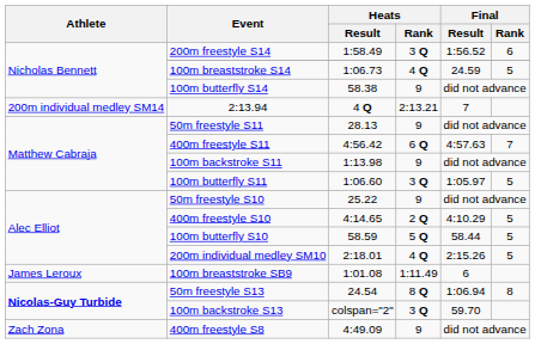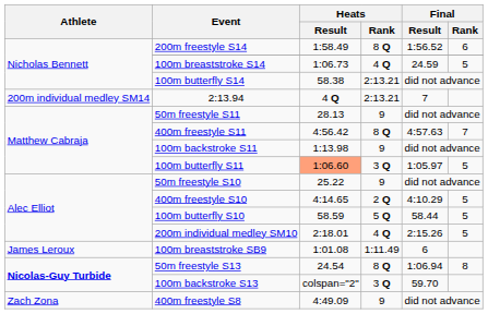 <table class=wikitable style="font-size:90%">
 <tr>
 <th rowspan="2">Athlete</th>
 <th rowspan="2">Event</th>
 <th colspan="2">Heats</th>
 <th colspan="2">Final</th>
 </tr>
 <tr>
 <th>Result</th>
 <th>Rank</th>
 <th>Result</th>
 <th>Rank</th>
 </tr>
 <tr align=center>
 <td rowspan=4 align=left><a href='#'>Nicholas Bennett</a></td>
 <td align=left><a href='#'>200m freestyle S14</a></td>
 <td>1:58.49</td>
-<td>3 <strong>Q</strong></td>
+<td>8 <strong>Q</strong></td>
 <td>1:56.52</td>
 <td>6</td>
 </tr>
 <tr align=center>
 </tr>
 <tr align=center>
 <td align=left><a href='#'>100m breaststroke S14</a></td>
 <td>1:06.73</td>
 <td>4 <strong>Q</strong></td>
 <td>24.59</td>
 <td>5</td>
 </tr>
 <tr align=center>
 <td align=left><a href='#'>100m butterfly S14</a></td>
 <td>58.38</td>
-<td>9</td>
+<td>2:13.21</td>
 <td colspan="2">did not advance</td>
 </tr>
 <tr align=center>
 <td align=left><a href='#'>200m individual medley SM14</a></td>
 <td>2:13.94</td>
 <td>4 <strong>Q</strong></td>
 <td>2:13.21</td>
 <td>7</td>
 </tr>
 <tr align=center>
 <td rowspan=4 align=left><a href='#'>Matthew Cabraja</a></td>
 <td align=left><a href='#'>50m freestyle S11</a></td>
 <td>28.13</td>
 <td>9</td>
 <td colspan="2">did not advance</td>
 </tr>
 <tr align=center>
 <td align=left><a href='#'>400m freestyle S11</a></td>
 <td>4:56.42</td>
-<td>6 <strong>Q</strong></td>
+<td>8 <strong>Q</strong></td>
 <td>4:57.63</td>
 <td>7</td>
 </tr>
 <tr align=center>
 <td align=left><a href='#'>100m backstroke S11</a></td>
 <td>1:13.98</td>
 <td>9</td>
 <td colspan="2">did not advance</td>
 </tr>
 <tr align=center>
 <td align=left><a href='#'>100m butterfly S11</a></td>
-<td>1:06.60</td>
+<td style="background: lightsalmon;">1:06.60</td>
 <td>3 <strong>Q</strong></td>
 <td>1:05.97</td>
 <td>5</td>
 </tr>
 <tr align=center>
 <td rowspan=4 align=left><a href='#'>Alec Elliot</a></td>
 <td align=left><a href='#'>50m freestyle S10</a></td>
 <td>25.22</td>
 <td>9</td>
 <td colspan="2">did not advance</td>
 </tr>
 <tr align=center>
 <td align=left><a href='#'>400m freestyle S10</a></td>
 <td>4:14.65</td>
 <td>2 <strong>Q</strong></td>
 <td>4:10.29</td>
 <td>5</td>
 </tr>
 <tr align=center>
 <td align=left><a href='#'>100m butterfly S10</a></td>
 <td>58.59</td>
 <td>5 <strong>Q</strong></td>
 <td>58.44</td>
 <td>5</td>
 </tr>
 <tr align=center>
 <td align=left><a href='#'>200m individual medley SM10</a></td>
 <td>2:18.01</td>
 <td>4 <strong>Q</strong></td>
 <td>2:15.26</td>
 <td>5</td>
 </tr>
 <tr align=center>
 <td align=left><a href='#'>James Leroux</a></td>
 <td align=left><a href='#'>100m breaststroke SB9</a></td>
 <td>1:01.08</td>
 <td>1:11.49</td>
 <td>6</td>
 </tr>
 <tr align=center>
 <td rowspan=2 align=left><strong><a href='#'>Nicolas-Guy Turbide</a></strong></td>
 <td align=left><a href='#'>50m freestyle S13</a></td>
 <td>24.54</td>
 <td>8 <strong>Q</strong></td>
 <td>1:06.94</td>
 <td>8</td>
 </tr>
 <tr align=center>
 <td align=left><a href='#'>100m backstroke S13</a></td>
 <td>colspan="2" </td>
 <td>3 <strong>Q</strong></td>
 <td>59.70</td>
 <td></td>
 </tr>
 <tr align=center>
 <td align=left><a href='#'>Zach Zona</a></td>
 <td align=left><a href='#'>400m freestyle S8</a></td>
 <td>4:49.09</td>
 <td>9</td>
 <td colspan="2">did not advance</td>
 </tr>
 </table>
